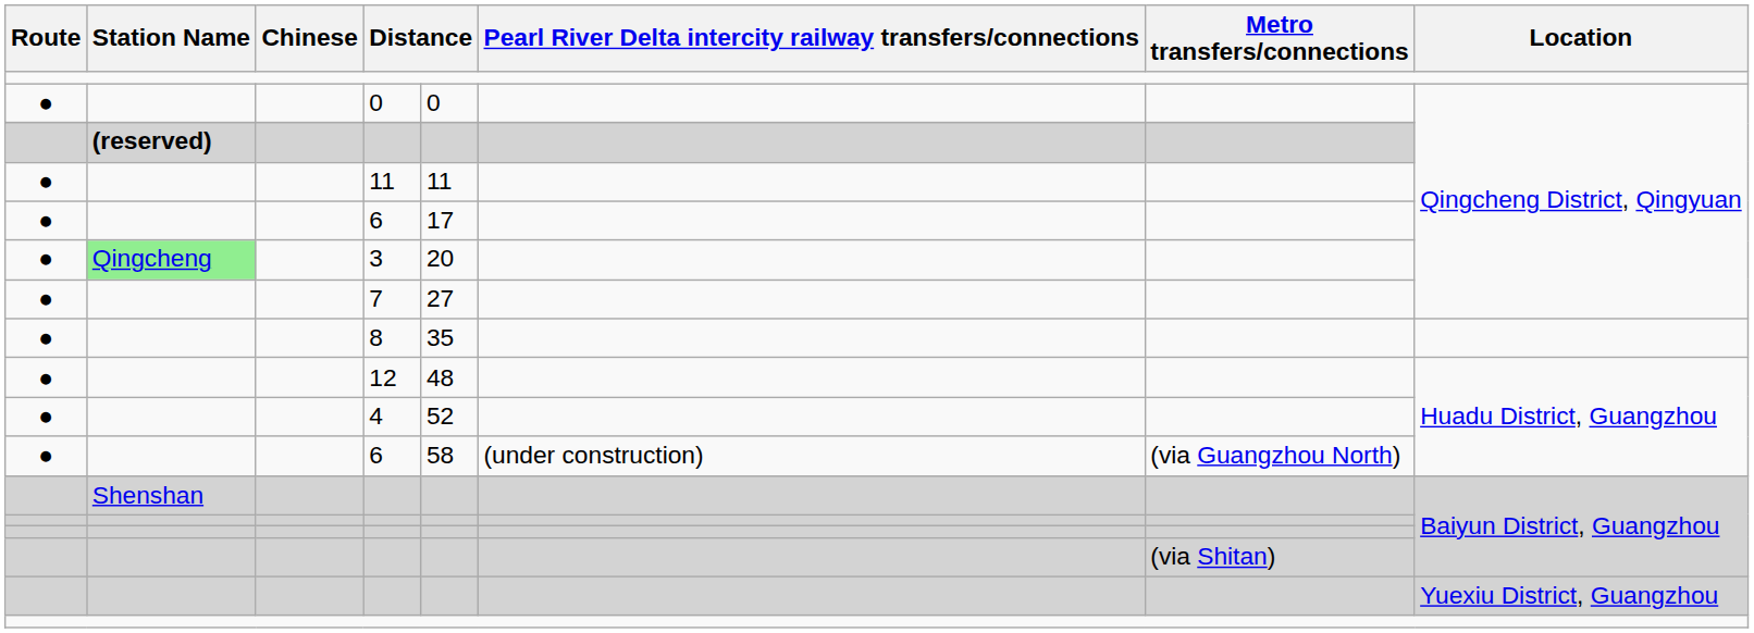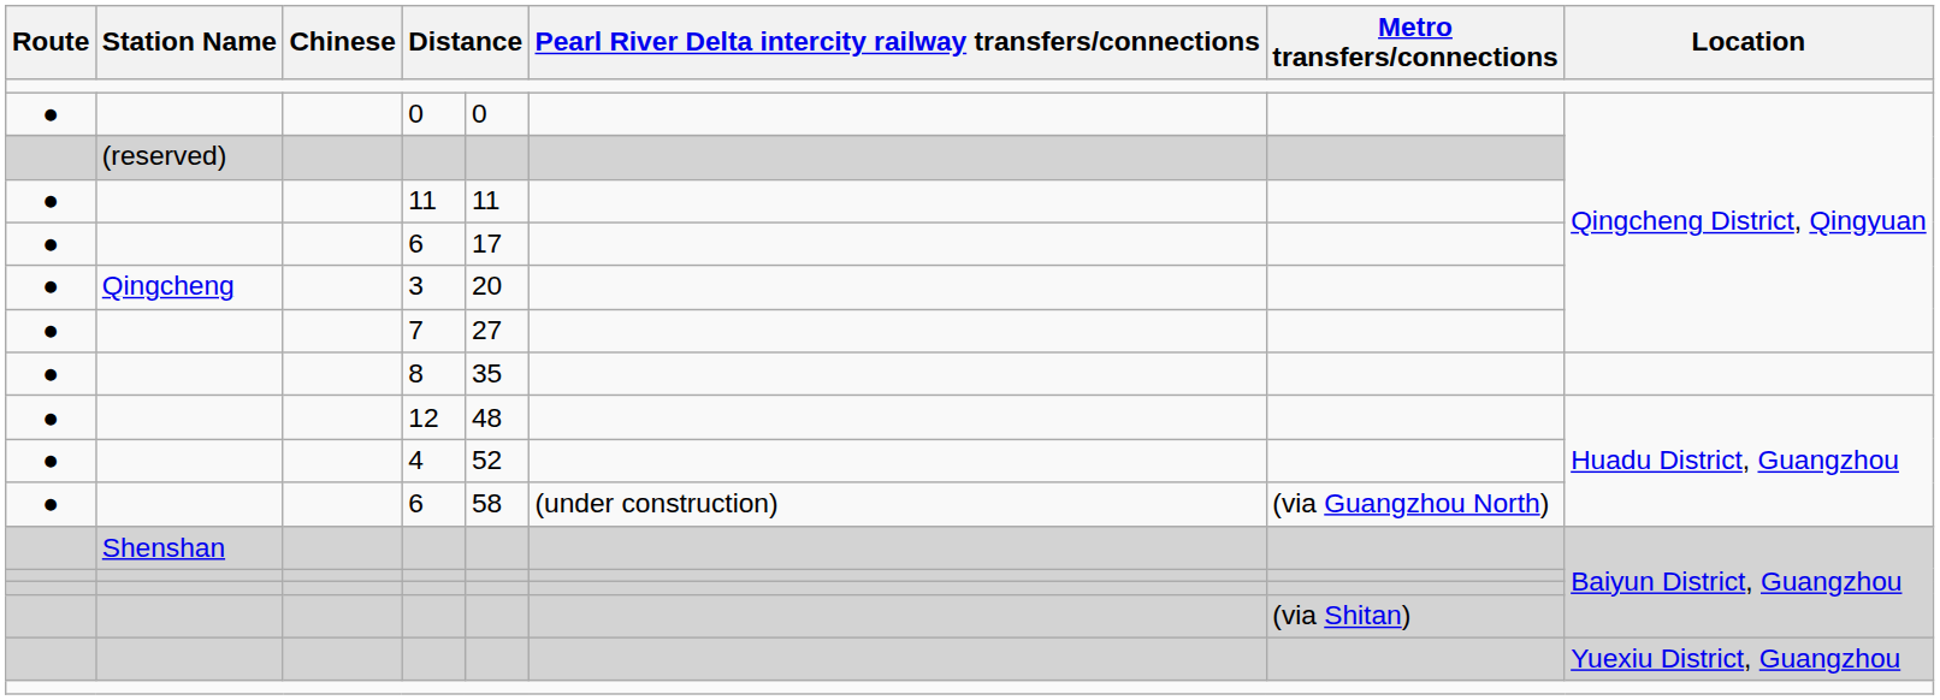 <table class="wikitable">
 <tr>
 <th colspan="2">Route</th>
 <th>Station Name</th>
 <th>Chinese</th>
 <th colspan="2">Distance<br></th>
 <th><a href='#'>Pearl River Delta intercity railway</a> transfers/connections</th>
 <th><a href='#'>Metro</a><br>transfers/connections</th>
 <th>Location</th>
 </tr>
 <tr style="background:#">
 <td colspan = "9"></td>
 </tr>
 <tr>
 <td align="center" colspan="2">●</td>
 <td></td>
 <td></td>
 <td>0</td>
 <td>0</td>
 <td></td>
 <td></td>
 <td rowspan="7"><a href='#'>Qingcheng District</a>, <a href='#'>Qingyuan</a></td>
 </tr>
 <tr>
 </tr>
 <tr bgcolor="lightgrey">
 <td align="center" colspan="2"></td>
-<td><strong> (reserved)</strong></td>
+<td> (reserved)</td>
 <td></td>
 <td></td>
 <td></td>
 <td></td>
 <td></td>
 </tr>
 <tr>
 <td align="center" colspan="2">●</td>
 <td> <br></td>
 <td></td>
 <td>11</td>
 <td>11</td>
 <td></td>
 <td></td>
 </tr>
 <tr>
 <td align="center" colspan="2">●</td>
 <td></td>
 <td></td>
 <td>6</td>
 <td>17</td>
 <td></td>
 <td></td>
 </tr>
 <tr>
 <td align="center" colspan="2">●</td>
-<td style="background: lightgreen;"><a href='#'>Qingcheng</a></td>
+<td><a href='#'>Qingcheng</a></td>
 <td></td>
 <td>3</td>
 <td>20</td>
 <td></td>
 <td></td>
 </tr>
 <tr>
 <td align="center" colspan="2">●</td>
 <td></td>
 <td></td>
 <td>7</td>
 <td>27</td>
 <td></td>
 <td></td>
 </tr>
 <tr>
 <td align="center" colspan="2">●</td>
 <td></td>
 <td></td>
 <td>8</td>
 <td>35</td>
 <td></td>
 <td></td>
 </tr>
 <tr>
 <td align="center" colspan="2">●</td>
 <td></td>
 <td></td>
 <td>12</td>
 <td>48</td>
 <td></td>
 <td></td>
 <td rowspan="3"><a href='#'>Huadu District</a>, <a href='#'>Guangzhou</a></td>
 </tr>
 <tr>
 <td align="center" colspan="2">●</td>
 <td></td>
 <td></td>
 <td>4</td>
 <td>52</td>
 <td></td>
 <td></td>
 </tr>
 <tr>
 <td align="center" colspan="2">●</td>
 <td></td>
 <td></td>
 <td>6</td>
 <td>58</td>
 <td>  (under construction)</td>
 <td>  (via <a href='#'>Guangzhou North</a>)</td>
 </tr>
 <tr bgcolor="lightgrey">
 <td align="center" colspan="2"></td>
 <td><a href='#'>Shenshan</a></td>
 <td></td>
 <td></td>
 <td></td>
 <td></td>
 <td></td>
 <td rowspan="4"><a href='#'>Baiyun District</a>, <a href='#'>Guangzhou</a></td>
 </tr>
 <tr bgcolor="lightgrey">
 <td align="center" colspan="2"></td>
 <td></td>
 <td></td>
 <td></td>
 <td></td>
 <td></td>
 <td></td>
 </tr>
 <tr bgcolor="lightgrey">
 <td align="center" colspan="2"></td>
 <td></td>
 <td></td>
 <td></td>
 <td></td>
 <td></td>
 <td></td>
 </tr>
 <tr bgcolor="lightgrey">
 <td align="center" colspan="2"></td>
 <td></td>
 <td></td>
 <td></td>
 <td></td>
 <td></td>
 <td>  (via <a href='#'>Shitan</a>)</td>
 </tr>
 <tr bgcolor="lightgrey">
 <td align="center" colspan="2"></td>
 <td></td>
 <td></td>
 <td></td>
 <td></td>
 <td></td>
 <td>  </td>
 <td><a href='#'>Yuexiu District</a>, <a href='#'>Guangzhou</a></td>
 </tr>
 <tr style="background:#">
 <td colspan = "9"></td>
 </tr>
 </table>
